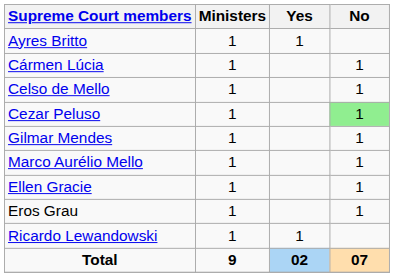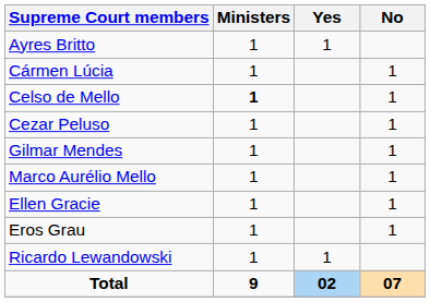 <table class="wikitable">
 <tr>
 <th><a href='#'>Supreme Court members</a></th>
 <th width="55pt">Ministers</th>
 <th width="55pt">Yes</th>
 <th width="55pt">No</th>
 </tr>
 <tr>
 <td align="left"><a href='#'>Ayres Britto</a></td>
 <td align="center">1</td>
 <td align="center">1</td>
 <td align="center"></td>
 </tr>
 <tr>
 <td align="left"><a href='#'>Cármen Lúcia</a></td>
 <td align="center">1</td>
 <td align="center"></td>
 <td align="center">1</td>
 </tr>
 <tr>
 <td align="left"><a href='#'>Celso de Mello</a></td>
-<td align="center">1</td>
+<td align="center"><strong>1</strong></td>
 <td align="center"></td>
 <td align="center">1</td>
 </tr>
 <tr>
 <td align="left"><a href='#'>Cezar Peluso</a></td>
 <td align="center">1</td>
 <td align="center"></td>
-<td align="center" style="background: lightgreen;">1</td>
+<td align="center">1</td>
 </tr>
 <tr>
 <td align="left"><a href='#'>Gilmar Mendes</a></td>
 <td align="center">1</td>
 <td align="center"></td>
 <td align="center">1</td>
 </tr>
 <tr>
 <td align="left"><a href='#'>Marco Aurélio Mello</a></td>
 <td align="center">1</td>
 <td align="center"></td>
 <td align="center">1</td>
 </tr>
 <tr>
 <td align="left"><a href='#'>Ellen Gracie</a></td>
 <td align="center">1</td>
 <td align="center"></td>
 <td align="center">1</td>
 </tr>
 <tr>
 <td align="left">Eros Grau</td>
 <td align="center">1</td>
 <td align="center"></td>
 <td align="center">1</td>
 </tr>
 <tr>
 <td align="left"><a href='#'>Ricardo Lewandowski</a></td>
 <td align="center">1</td>
 <td align="center">1</td>
 <td align="center"></td>
 </tr>
 <tr>
 <td align="center"><strong>Total</strong></td>
 <td align="center"><strong>9</strong></td>
 <td align="center" bgcolor="#abd5f5"><strong>02</strong></td>
 <td align="center" bgcolor="#FFDEAD"><strong>07</strong></td>
 </tr>
 <tr>
 </tr>
 </table>
